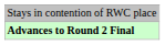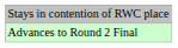 <table class="wikitable">
 <tr>
 </tr>
 <tr width=10px bgcolor="#cococo">
 <td>Stays in contention of RWC place</td>
 </tr>
 <tr width=10px bgcolor="#ccffcc">
-<td><strong>Advances to Round 2 Final</strong></td>
+<td>Advances to Round 2 Final</td>
 </tr>
 </table>
